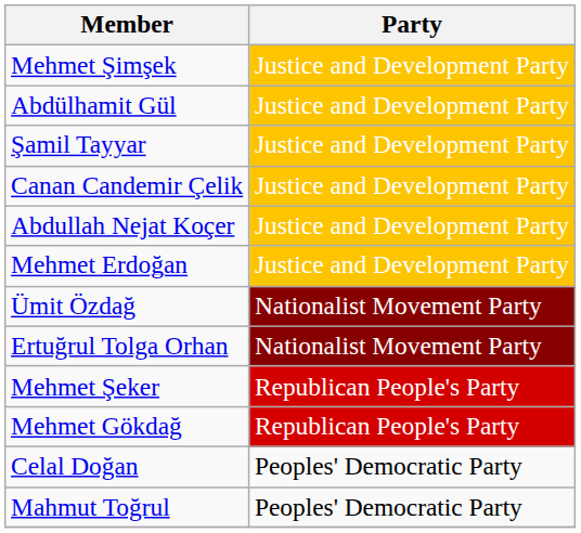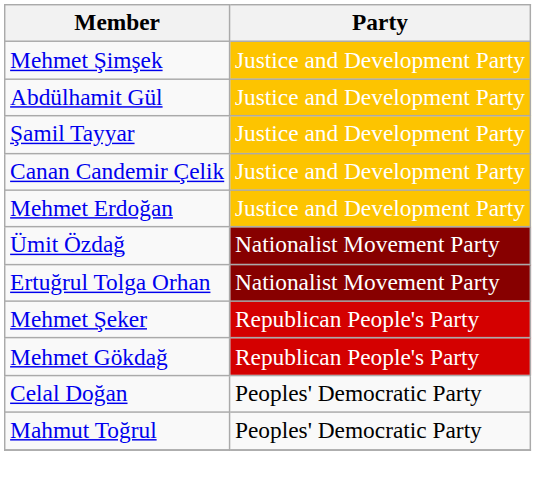 <table class="wikitable">
 <tr>
 <th>Member</th>
 <th>Party</th>
 </tr>
 <tr>
 <td><a href='#'>Mehmet Şimşek</a></td>
 <td style="background:#FDC400; color:white">Justice and Development Party</td>
 </tr>
 <tr>
 <td><a href='#'>Abdülhamit Gül</a></td>
 <td style="background:#FDC400; color:white">Justice and Development Party</td>
 </tr>
 <tr>
 <td><a href='#'>Şamil Tayyar</a></td>
 <td style="background:#FDC400; color:white">Justice and Development Party</td>
 </tr>
 <tr>
 <td><a href='#'>Canan Candemir Çelik</a></td>
-<td style="background:#FDC400; color:white">Justice and Development Party</td>
-</tr>
-<tr>
-<td><a href='#'>Abdullah Nejat Koçer</a></td>
 <td style="background:#FDC400; color:white">Justice and Development Party</td>
 </tr>
 <tr>
 <td><a href='#'>Mehmet Erdoğan</a></td>
 <td style="background:#FDC400; color:white">Justice and Development Party</td>
 </tr>
 <tr>
 <td><a href='#'>Ümit Özdağ</a></td>
 <td style="background:#870000; color:white">Nationalist Movement Party</td>
 </tr>
 <tr>
 <td><a href='#'>Ertuğrul Tolga Orhan</a></td>
 <td style="background:#870000; color:white">Nationalist Movement Party</td>
 </tr>
 <tr>
 <td><a href='#'>Mehmet Şeker</a></td>
 <td style="background:#D40000; color:white">Republican People's Party</td>
 </tr>
 <tr>
 <td><a href='#'>Mehmet Gökdağ</a></td>
 <td style="background:#D40000; color:white">Republican People's Party</td>
 </tr>
 <tr>
 <td><a href='#'>Celal Doğan</a></td>
 <td style="background:">Peoples' Democratic Party</td>
 </tr>
 <tr>
 <td><a href='#'>Mahmut Toğrul</a></td>
 <td style="background:">Peoples' Democratic Party</td>
 </tr>
 <tr>
 </tr>
 </table>
